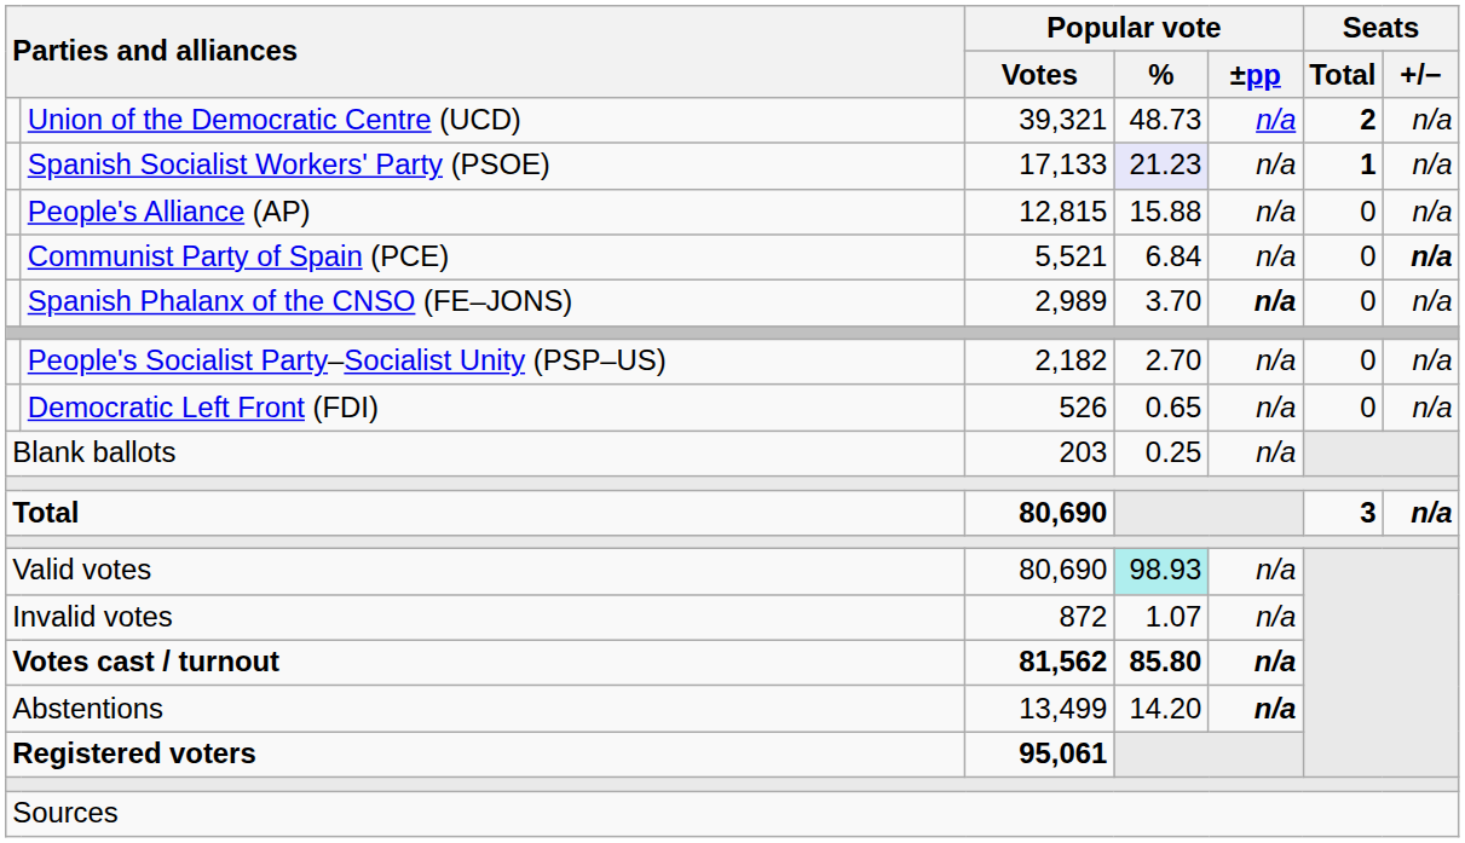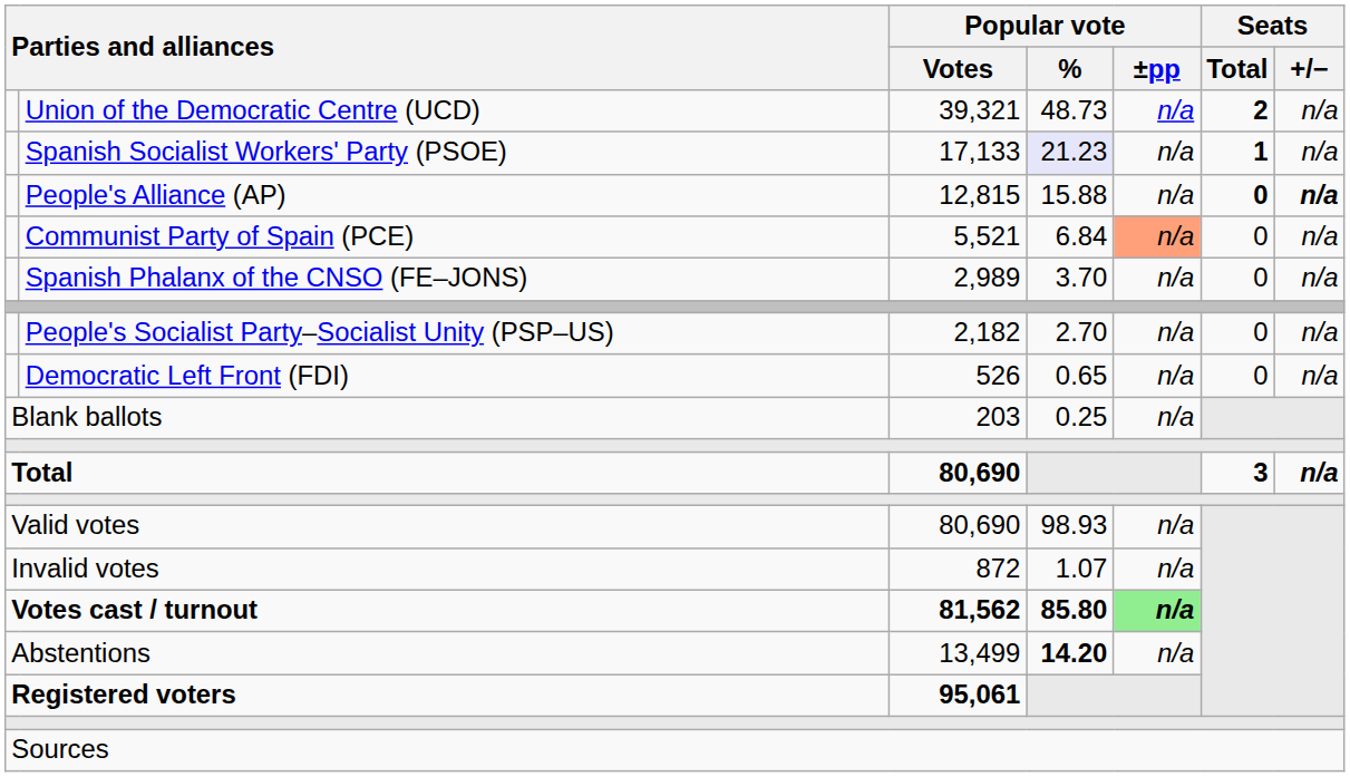 <table class="wikitable" style="text-align:right;">
 <tr>
 <th style="text-align:left;" rowspan="2" colspan="2" width="525">Parties and alliances</th>
 <th colspan="3">Popular vote</th>
 <th colspan="2">Seats</th>
 </tr>
 <tr>
 <th width="75">Votes</th>
 <th width="45">%</th>
 <th width="45">±<a href='#'>pp</a></th>
 <th width="35">Total</th>
 <th width="35">+/−</th>
 </tr>
 <tr>
 <td width="1" style="color:inherit;background:"></td>
 <td align="left"><a href='#'>Union of the Democratic Centre</a> (UCD)</td>
 <td>39,321</td>
 <td>48.73</td>
 <td><em><a href='#'>n/a</a></em></td>
 <td><strong>2</strong></td>
 <td><em>n/a</em></td>
 </tr>
 <tr>
 <td style="color:inherit;background:"></td>
 <td align="left"><a href='#'>Spanish Socialist Workers' Party</a> (PSOE)</td>
 <td>17,133</td>
 <td style="background: lavender;">21.23</td>
 <td><em>n/a</em></td>
 <td><strong>1</strong></td>
 <td><em>n/a</em></td>
 </tr>
 <tr>
 <td style="color:inherit;background:"></td>
 <td align="left"><a href='#'>People's Alliance</a> (AP)</td>
 <td>12,815</td>
 <td>15.88</td>
 <td><em>n/a</em></td>
-<td>0</td>
-<td><em>n/a</em></td>
+<td><strong>0</strong></td>
+<td><strong><em>n/a</em></strong></td>
 </tr>
 <tr>
 <td style="color:inherit;background:"></td>
 <td align="left"><a href='#'>Communist Party of Spain</a> (PCE)</td>
 <td>5,521</td>
 <td>6.84</td>
+<td style="background: lightsalmon;"><em>n/a</em></td>
+<td>0</td>
 <td><em>n/a</em></td>
-<td>0</td>
-<td><strong><em>n/a</em></strong></td>
 </tr>
 <tr>
 <td style="color:inherit;background:"></td>
 <td align="left"><a href='#'>Spanish Phalanx of the CNSO</a> (FE–JONS)</td>
 <td>2,989</td>
 <td>3.70</td>
-<td><strong><em>n/a</em></strong></td>
+<td><em>n/a</em></td>
 <td>0</td>
 <td><em>n/a</em></td>
 </tr>
 <tr>
 <td colspan="7" bgcolor="#C0C0C0"></td>
 </tr>
 <tr>
 <td style="color:inherit;background:"></td>
 <td align="left"><a href='#'>People's Socialist Party</a>–<a href='#'>Socialist Unity</a> (PSP–US)</td>
 <td>2,182</td>
 <td>2.70</td>
 <td><em>n/a</em></td>
 <td>0</td>
 <td><em>n/a</em></td>
 </tr>
 <tr>
 <td style="color:inherit;background:"></td>
 <td align="left"><a href='#'>Democratic Left Front</a> (FDI)</td>
 <td>526</td>
 <td>0.65</td>
 <td><em>n/a</em></td>
 <td>0</td>
 <td><em>n/a</em></td>
 </tr>
 <tr>
 <td align="left" colspan="2">Blank ballots</td>
 <td>203</td>
 <td>0.25</td>
 <td><em>n/a</em></td>
 <td bgcolor="#E9E9E9" colspan="2"></td>
 </tr>
 <tr>
 <td colspan="7" bgcolor="#E9E9E9"></td>
 </tr>
 <tr style="font-weight:bold;">
 <td align="left" colspan="2">Total</td>
 <td>80,690</td>
 <td bgcolor="#E9E9E9" colspan="2"></td>
 <td>3</td>
 <td><em>n/a</em></td>
 </tr>
 <tr>
 <td colspan="7" bgcolor="#E9E9E9"></td>
 </tr>
 <tr>
 <td align="left" colspan="2">Valid votes</td>
 <td>80,690</td>
-<td style="background: paleturquoise;">98.93</td>
+<td>98.93</td>
 <td><em>n/a</em></td>
 <td bgcolor="#E9E9E9" colspan="2" rowspan="5"></td>
 </tr>
 <tr>
 <td align="left" colspan="2">Invalid votes</td>
 <td>872</td>
 <td>1.07</td>
 <td><em>n/a</em></td>
 </tr>
 <tr style="font-weight:bold;">
 <td align="left" colspan="2">Votes cast / turnout</td>
 <td>81,562</td>
 <td>85.80</td>
-<td><em>n/a</em></td>
+<td style="background: lightgreen;"><em>n/a</em></td>
 </tr>
 <tr>
 <td align="left" colspan="2">Abstentions</td>
 <td>13,499</td>
-<td>14.20</td>
-<td><strong><em>n/a</em></strong></td>
+<td><strong>14.20</strong></td>
+<td><em>n/a</em></td>
 </tr>
 <tr style="font-weight:bold;">
 <td align="left" colspan="2">Registered voters</td>
 <td>95,061</td>
 <td bgcolor="#E9E9E9" colspan="2"></td>
 </tr>
 <tr>
 <td colspan="7" bgcolor="#E9E9E9"></td>
 </tr>
 <tr>
 <td align="left" colspan="7">Sources</td>
 </tr>
 </table>
